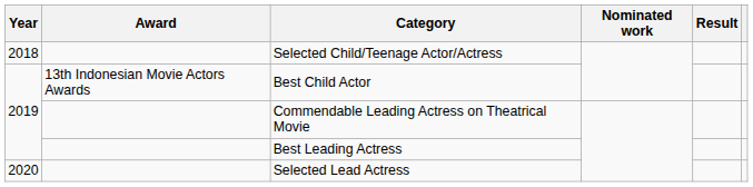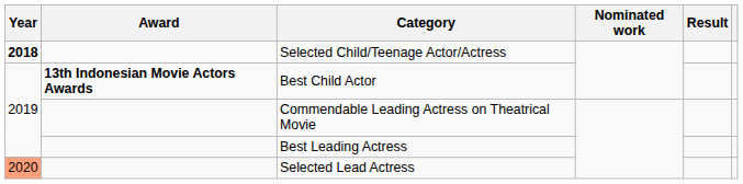 <table class="wikitable">
 <tr>
 <th>Year</th>
 <th>Award</th>
 <th>Category</th>
 <th>Nominated work</th>
 <th>Result</th>
 <th></th>
 </tr>
 <tr>
-<td rowspan="1">2018</td>
+<td rowspan="1"><strong>2018</strong></td>
 <td></td>
 <td>Selected Child/Teenage Actor/Actress</td>
 <td rowspan=2><em></em></td>
 <td></td>
 <td style="text-align:center;"></td>
 </tr>
 <tr>
 <td rowspan="3">2019</td>
-<td>13th Indonesian Movie Actors Awards</td>
+<td><strong>13th Indonesian Movie Actors Awards</strong></td>
 <td>Best Child Actor</td>
 <td></td>
 <td style="text-align:center;"></td>
 </tr>
 <tr>
 <td></td>
 <td>Commendable Leading Actress on Theatrical Movie</td>
 <td rowspan=3><em></em></td>
 <td></td>
 <td></td>
 </tr>
 <tr>
 <td></td>
 <td>Best Leading Actress</td>
 <td></td>
 <td style="text-align:center;"></td>
 </tr>
 <tr>
-<td rowspan="1">2020</td>
+<td rowspan="1" style="background: lightsalmon;">2020</td>
 <td></td>
 <td>Selected Lead Actress</td>
 <td></td>
 <td style="text-align:center;"></td>
 </tr>
 </table>
